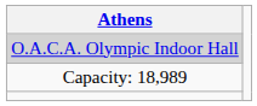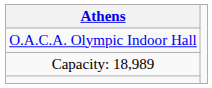 <table class="wikitable" style="text-align:center;margin:1em auto;">
 <tr>
 <th><a href='#'>Athens</a></th>
 <td rowspan=4></td>
 </tr>
 <tr>
-<td style="background: lightgrey;"><a href='#'>O.A.C.A. Olympic Indoor Hall</a></td>
+<td><a href='#'>O.A.C.A. Olympic Indoor Hall</a></td>
 </tr>
 <tr>
 <td>Capacity: 18,989</td>
 </tr>
 <tr>
 <td></td>
 </tr>
 </table>
